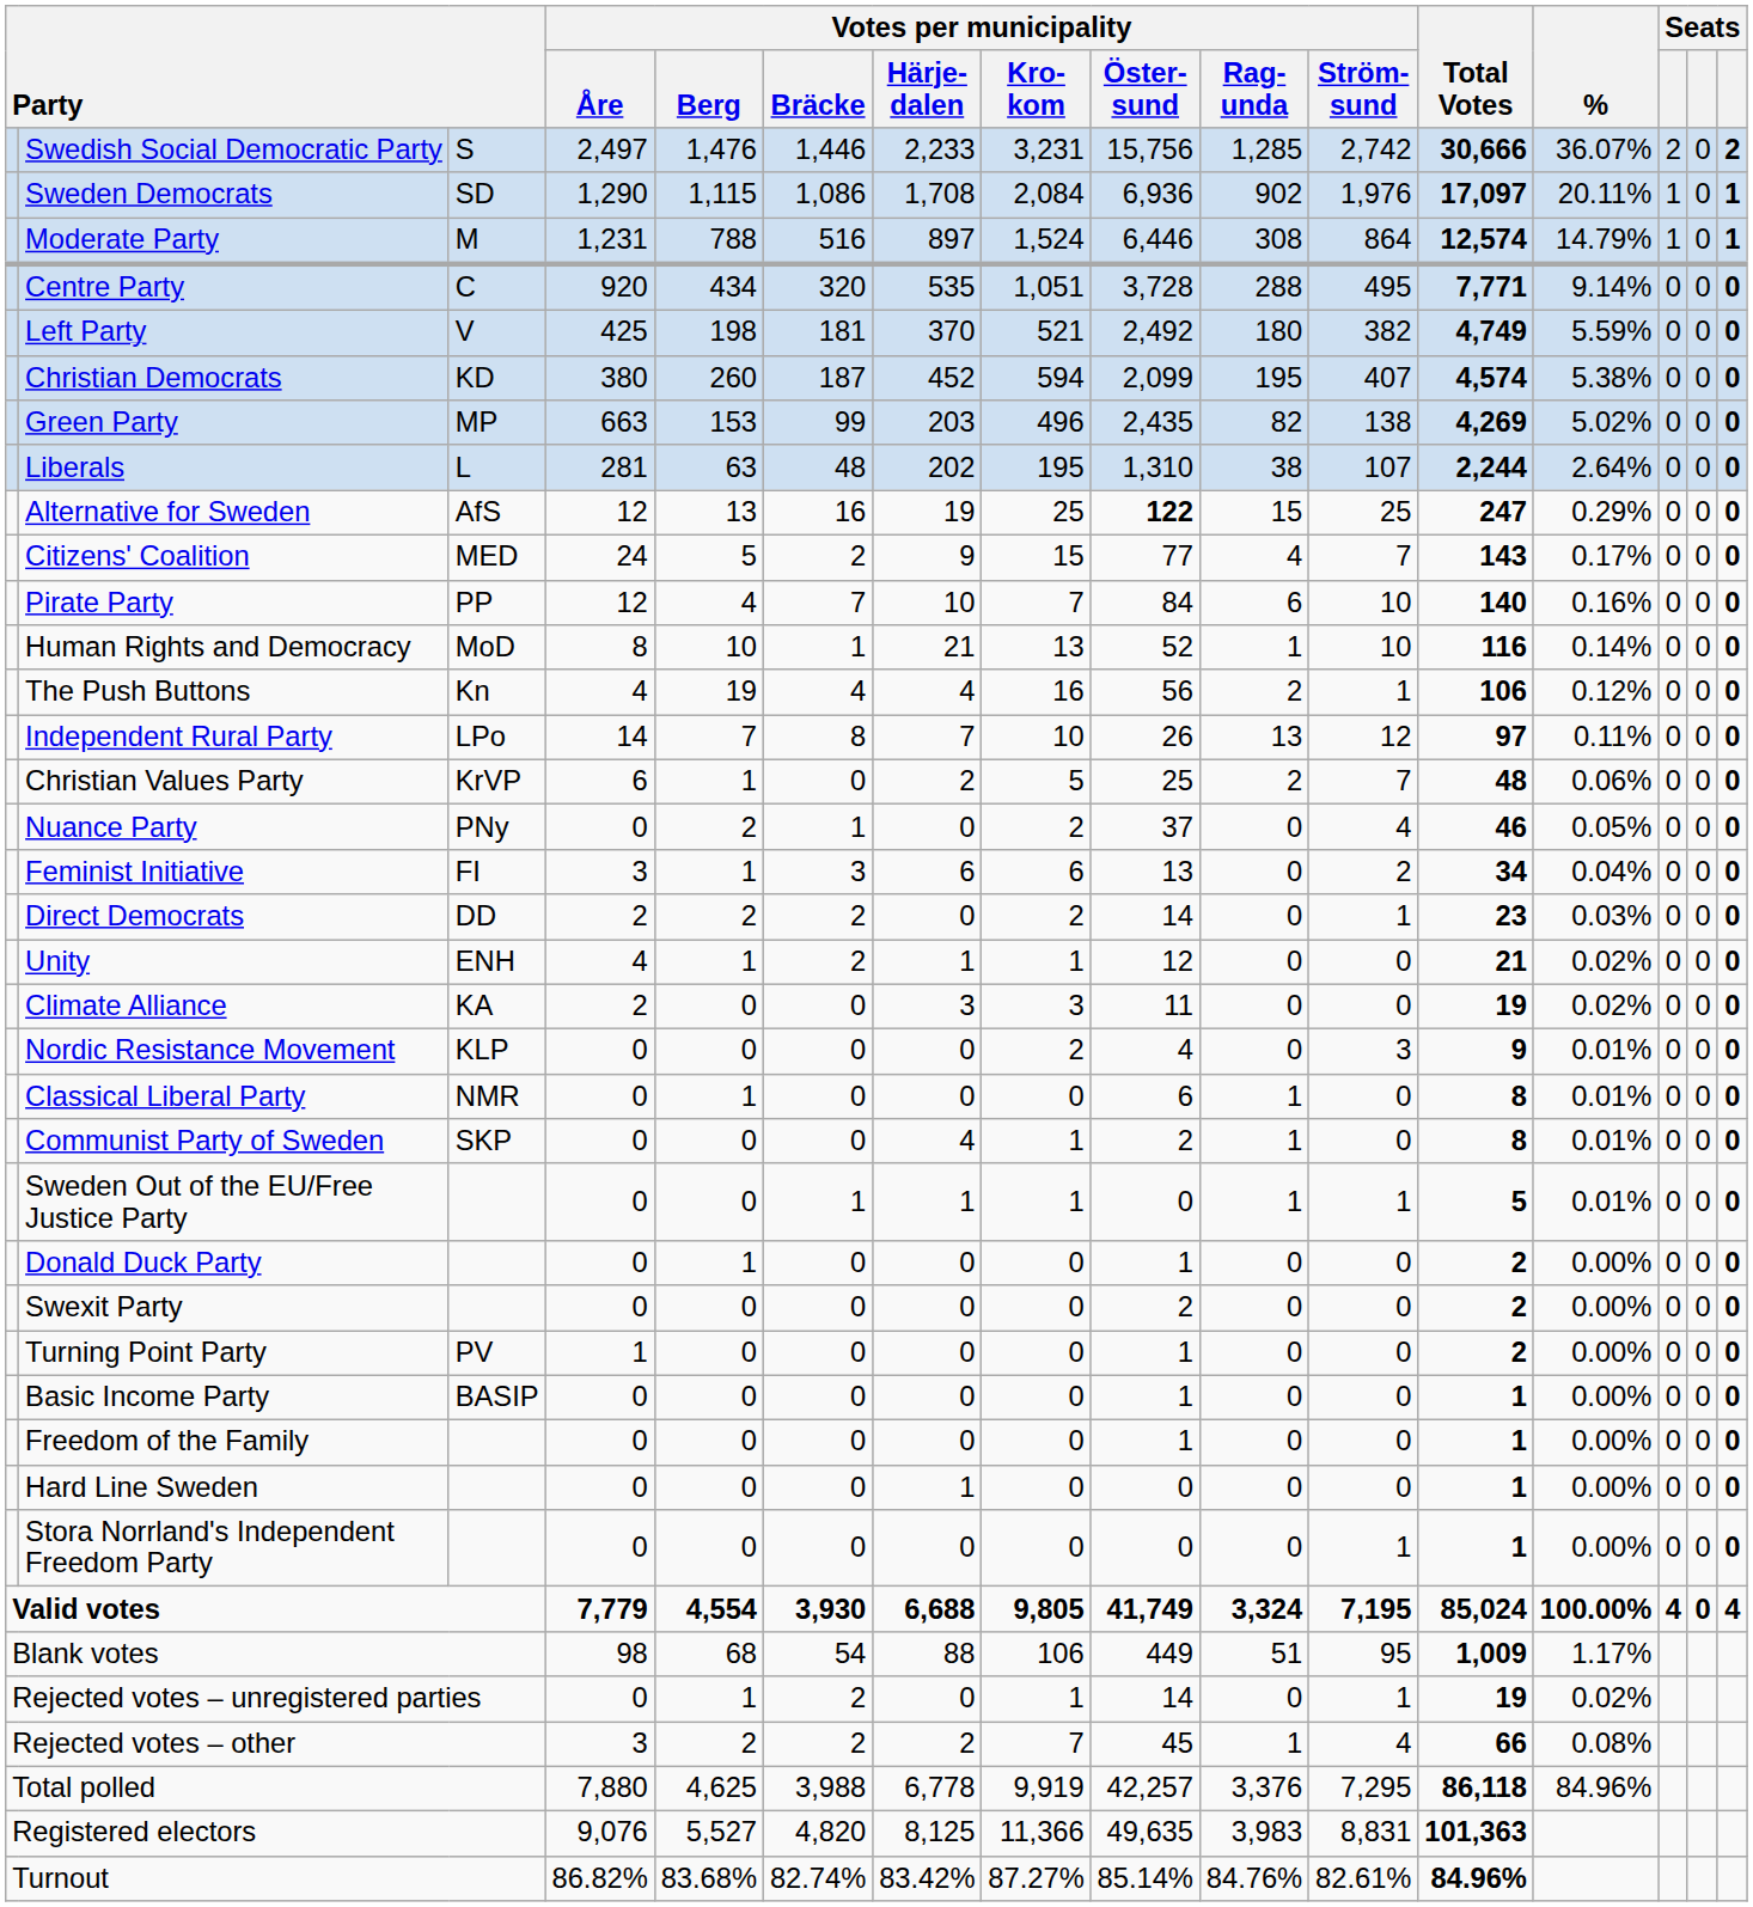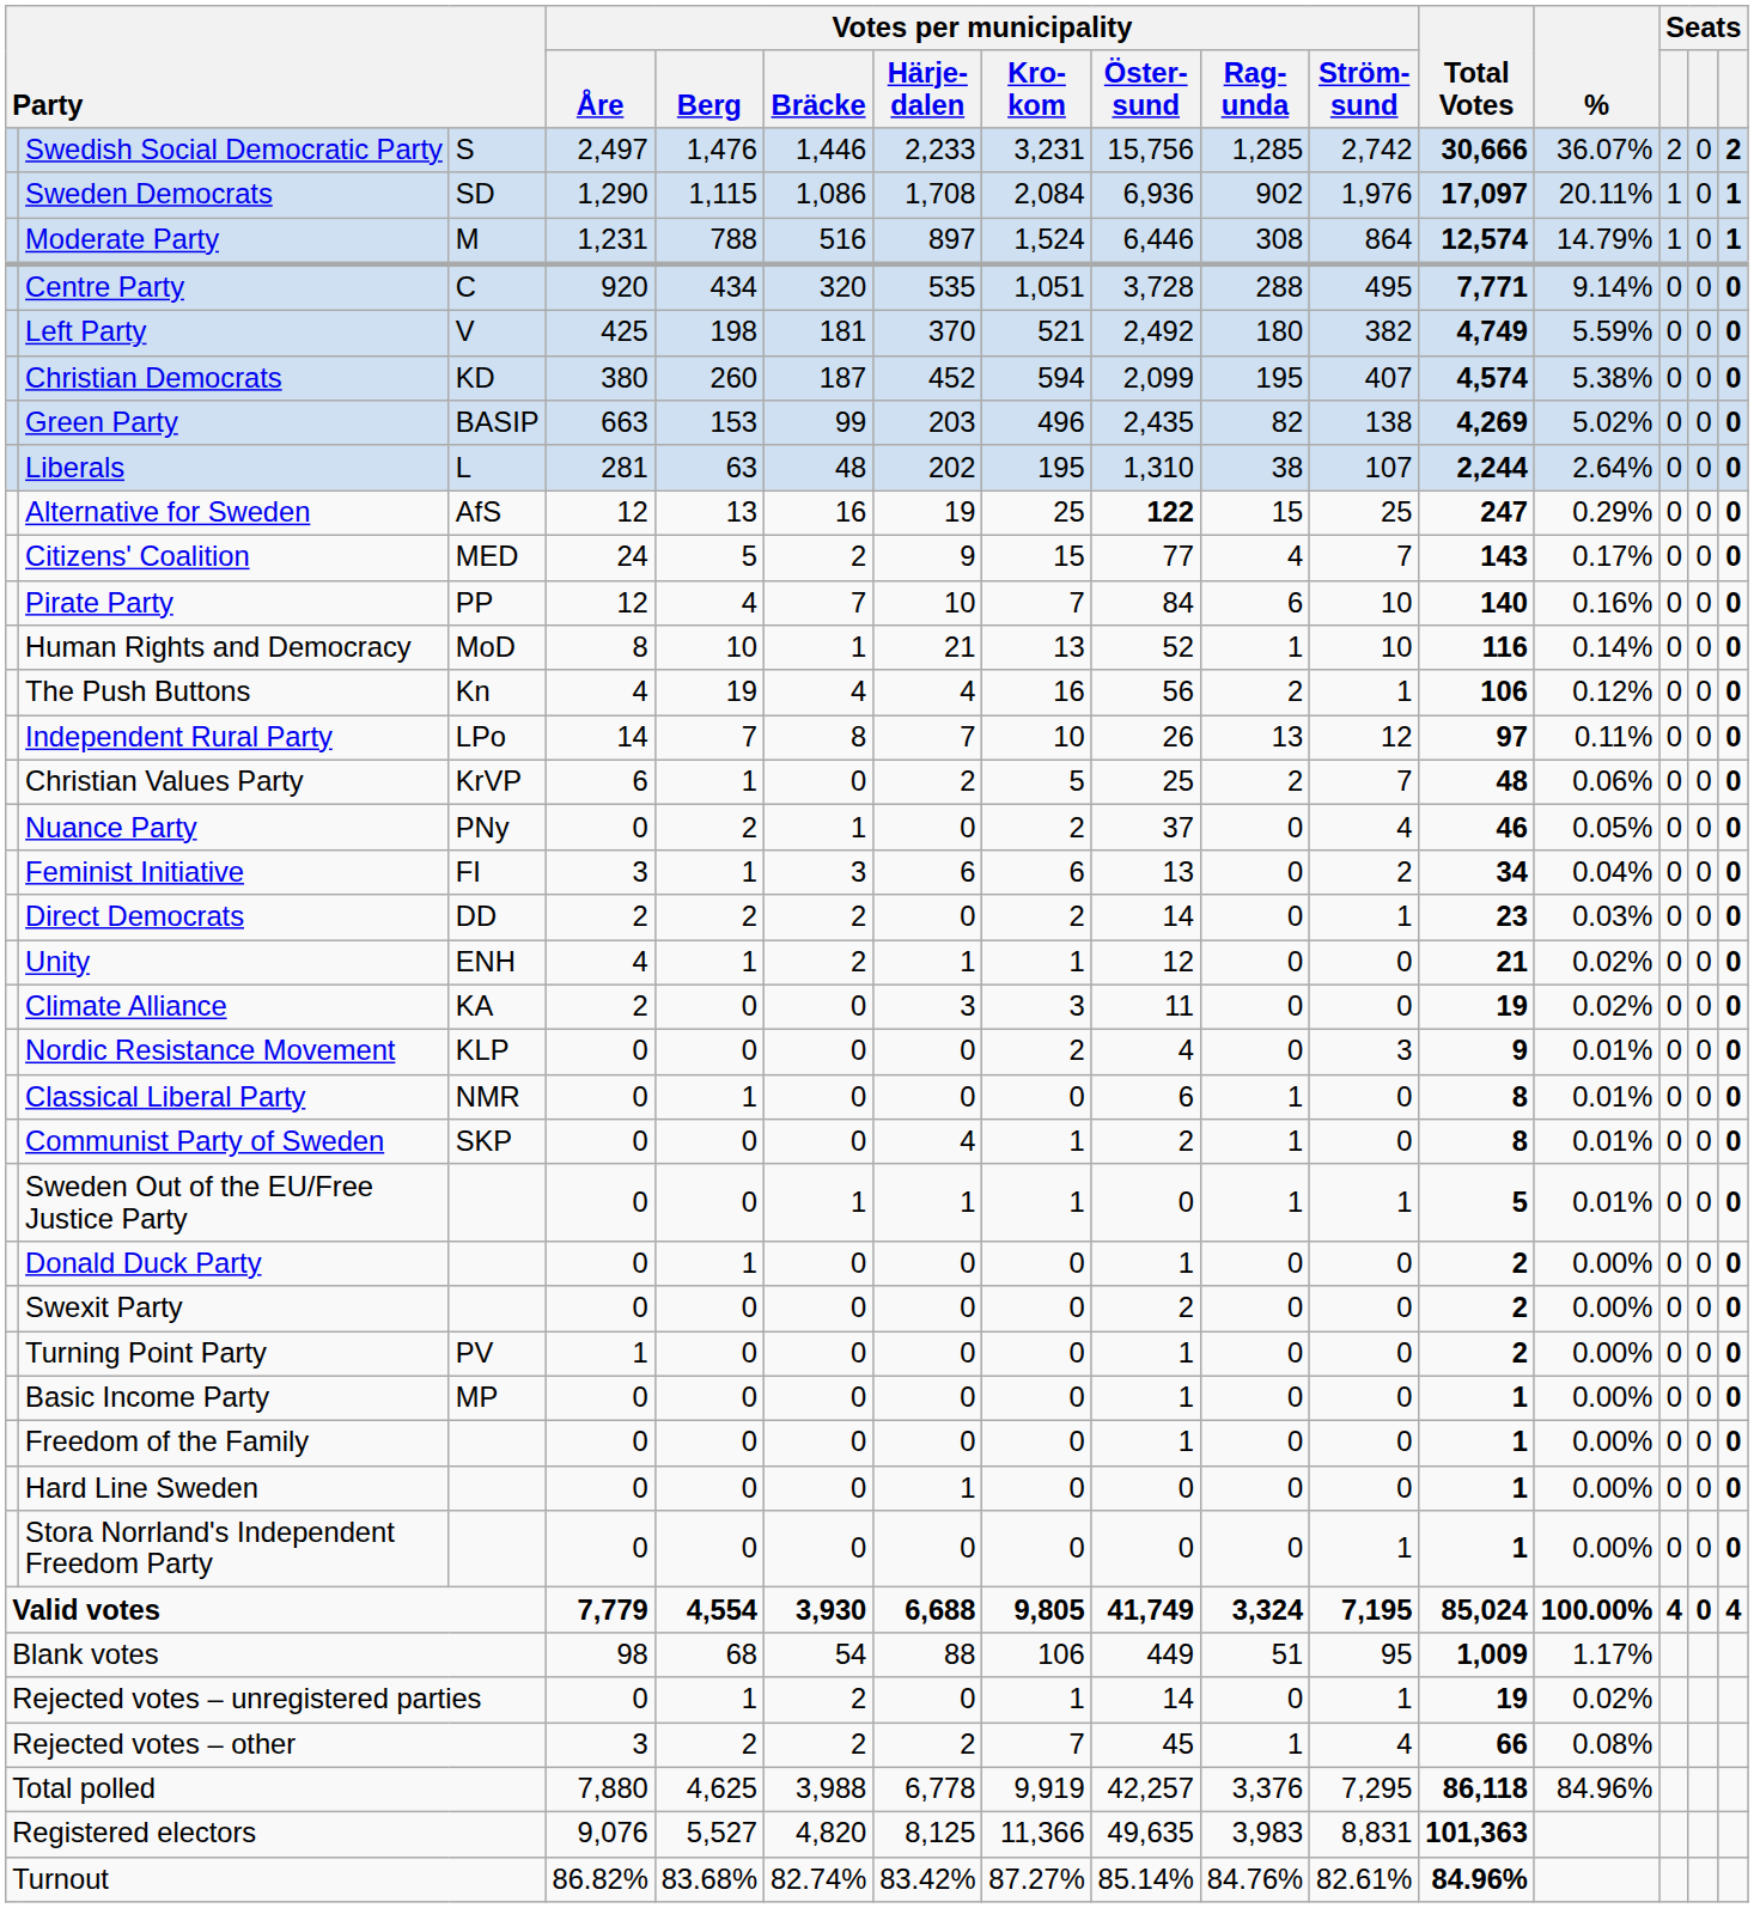 <table class="wikitable" border="1" style="text-align:right;">
 <tr>
 <th style="text-align:left;" valign=bottom rowspan=2 colspan=3>Party</th>
 <th colspan=8>Votes per municipality</th>
 <th align=center valign=bottom rowspan=2 width="50">Total Votes</th>
 <th align=center valign=bottom rowspan=2 width="50">%</th>
 <th colspan=3>Seats</th>
 </tr>
 <tr>
 <th align=center valign=bottom width="50"><a href='#'>Åre</a></th>
 <th align=center valign=bottom width="50"><a href='#'>Berg</a></th>
 <th align=center valign=bottom width="50"><a href='#'>Bräcke</a></th>
 <th align=center valign=bottom width="50"><a href='#'>Härje- dalen</a></th>
 <th align=center valign=bottom width="50"><a href='#'>Kro- kom</a></th>
 <th align=center valign=bottom width="50"><a href='#'>Öster- sund</a></th>
 <th align=center valign=bottom width="50"><a href='#'>Rag- unda</a></th>
 <th align=center valign=bottom width="50"><a href='#'>Ström- sund</a></th>
 <th align=center valign=bottom width="20"><small></small></th>
 <th align=center valign=bottom width="20"><small><a href='#'></a></small></th>
 <th align=center valign=bottom width="20"><small></small></th>
 </tr>
 <tr style="background:#CEE0F2;">
 <td></td>
 <td align=left style="white-space: nowrap;"><a href='#'>Swedish Social Democratic Party</a></td>
 <td align=left>S</td>
 <td>2,497</td>
 <td>1,476</td>
 <td>1,446</td>
 <td>2,233</td>
 <td>3,231</td>
 <td>15,756</td>
 <td>1,285</td>
 <td>2,742</td>
 <td><strong>30,666</strong></td>
 <td>36.07%</td>
 <td>2</td>
 <td>0</td>
 <td><strong>2</strong></td>
 </tr>
 <tr style="background:#CEE0F2;">
 <td></td>
 <td align=left><a href='#'>Sweden Democrats</a></td>
 <td align=left>SD</td>
 <td>1,290</td>
 <td>1,115</td>
 <td>1,086</td>
 <td>1,708</td>
 <td>2,084</td>
 <td>6,936</td>
 <td>902</td>
 <td>1,976</td>
 <td><strong>17,097</strong></td>
 <td>20.11%</td>
 <td>1</td>
 <td>0</td>
 <td><strong>1</strong></td>
 </tr>
 <tr style="background:#CEE0F2;">
 <td></td>
 <td align=left><a href='#'>Moderate Party</a></td>
 <td align=left>M</td>
 <td>1,231</td>
 <td>788</td>
 <td>516</td>
 <td>897</td>
 <td>1,524</td>
 <td>6,446</td>
 <td>308</td>
 <td>864</td>
 <td><strong>12,574</strong></td>
 <td>14.79%</td>
 <td>1</td>
 <td>0</td>
 <td><strong>1</strong></td>
 </tr>
 <tr style="background:#CEE0F2; border-top:3px solid darkgray;">
 <td></td>
 <td align=left><a href='#'>Centre Party</a></td>
 <td align=left>C</td>
 <td>920</td>
 <td>434</td>
 <td>320</td>
 <td>535</td>
 <td>1,051</td>
 <td>3,728</td>
 <td>288</td>
 <td>495</td>
 <td><strong>7,771</strong></td>
 <td>9.14%</td>
 <td>0</td>
 <td>0</td>
 <td><strong>0</strong></td>
 </tr>
 <tr style="background:#CEE0F2;">
 <td></td>
 <td align=left><a href='#'>Left Party</a></td>
 <td align=left>V</td>
 <td>425</td>
 <td>198</td>
 <td>181</td>
 <td>370</td>
 <td>521</td>
 <td>2,492</td>
 <td>180</td>
 <td>382</td>
 <td><strong>4,749</strong></td>
 <td>5.59%</td>
 <td>0</td>
 <td>0</td>
 <td><strong>0</strong></td>
 </tr>
 <tr style="background:#CEE0F2;">
 <td></td>
 <td align=left><a href='#'>Christian Democrats</a></td>
 <td align=left>KD</td>
 <td>380</td>
 <td>260</td>
 <td>187</td>
 <td>452</td>
 <td>594</td>
 <td>2,099</td>
 <td>195</td>
 <td>407</td>
 <td><strong>4,574</strong></td>
 <td>5.38%</td>
 <td>0</td>
 <td>0</td>
 <td><strong>0</strong></td>
 </tr>
 <tr style="background:#CEE0F2;">
 <td></td>
 <td align=left><a href='#'>Green Party</a></td>
-<td align=left>MP</td>
+<td align=left>BASIP</td>
 <td>663</td>
 <td>153</td>
 <td>99</td>
 <td>203</td>
 <td>496</td>
 <td>2,435</td>
 <td>82</td>
 <td>138</td>
 <td><strong>4,269</strong></td>
 <td>5.02%</td>
 <td>0</td>
 <td>0</td>
 <td><strong>0</strong></td>
 </tr>
 <tr style="background:#CEE0F2;">
 <td></td>
 <td align=left><a href='#'>Liberals</a></td>
 <td align=left>L</td>
 <td>281</td>
 <td>63</td>
 <td>48</td>
 <td>202</td>
 <td>195</td>
 <td>1,310</td>
 <td>38</td>
 <td>107</td>
 <td><strong>2,244</strong></td>
 <td>2.64%</td>
 <td>0</td>
 <td>0</td>
 <td><strong>0</strong></td>
 </tr>
 <tr>
 <td></td>
 <td align=left><a href='#'>Alternative for Sweden</a></td>
 <td align=left>AfS</td>
 <td>12</td>
 <td>13</td>
 <td>16</td>
 <td>19</td>
 <td>25</td>
 <td><strong>122</strong></td>
 <td>15</td>
 <td>25</td>
 <td><strong>247</strong></td>
 <td>0.29%</td>
 <td>0</td>
 <td>0</td>
 <td><strong>0</strong></td>
 </tr>
 <tr>
 <td></td>
 <td align=left><a href='#'>Citizens' Coalition</a></td>
 <td align=left>MED</td>
 <td>24</td>
 <td>5</td>
 <td>2</td>
 <td>9</td>
 <td>15</td>
 <td>77</td>
 <td>4</td>
 <td>7</td>
 <td><strong>143</strong></td>
 <td>0.17%</td>
 <td>0</td>
 <td>0</td>
 <td><strong>0</strong></td>
 </tr>
 <tr>
 <td></td>
 <td align=left><a href='#'>Pirate Party</a></td>
 <td align=left>PP</td>
 <td>12</td>
 <td>4</td>
 <td>7</td>
 <td>10</td>
 <td>7</td>
 <td>84</td>
 <td>6</td>
 <td>10</td>
 <td><strong>140</strong></td>
 <td>0.16%</td>
 <td>0</td>
 <td>0</td>
 <td><strong>0</strong></td>
 </tr>
 <tr>
 <td></td>
 <td align=left>Human Rights and Democracy</td>
 <td align=left>MoD</td>
 <td>8</td>
 <td>10</td>
 <td>1</td>
 <td>21</td>
 <td>13</td>
 <td>52</td>
 <td>1</td>
 <td>10</td>
 <td><strong>116</strong></td>
 <td>0.14%</td>
 <td>0</td>
 <td>0</td>
 <td><strong>0</strong></td>
 </tr>
 <tr>
 <td></td>
 <td align=left>The Push Buttons</td>
 <td align=left>Kn</td>
 <td>4</td>
 <td>19</td>
 <td>4</td>
 <td>4</td>
 <td>16</td>
 <td>56</td>
 <td>2</td>
 <td>1</td>
 <td><strong>106</strong></td>
 <td>0.12%</td>
 <td>0</td>
 <td>0</td>
 <td><strong>0</strong></td>
 </tr>
 <tr>
 <td></td>
 <td align=left><a href='#'>Independent Rural Party</a></td>
 <td align=left>LPo</td>
 <td>14</td>
 <td>7</td>
 <td>8</td>
 <td>7</td>
 <td>10</td>
 <td>26</td>
 <td>13</td>
 <td>12</td>
 <td><strong>97</strong></td>
 <td>0.11%</td>
 <td>0</td>
 <td>0</td>
 <td><strong>0</strong></td>
 </tr>
 <tr>
 <td></td>
 <td align=left>Christian Values Party</td>
 <td align=left>KrVP</td>
 <td>6</td>
 <td>1</td>
 <td>0</td>
 <td>2</td>
 <td>5</td>
 <td>25</td>
 <td>2</td>
 <td>7</td>
 <td><strong>48</strong></td>
 <td>0.06%</td>
 <td>0</td>
 <td>0</td>
 <td><strong>0</strong></td>
 </tr>
 <tr>
 <td></td>
 <td align=left><a href='#'>Nuance Party</a></td>
 <td align=left>PNy</td>
 <td>0</td>
 <td>2</td>
 <td>1</td>
 <td>0</td>
 <td>2</td>
 <td>37</td>
 <td>0</td>
 <td>4</td>
 <td><strong>46</strong></td>
 <td>0.05%</td>
 <td>0</td>
 <td>0</td>
 <td><strong>0</strong></td>
 </tr>
 <tr>
 <td></td>
 <td align=left><a href='#'>Feminist Initiative</a></td>
 <td align=left>FI</td>
 <td>3</td>
 <td>1</td>
 <td>3</td>
 <td>6</td>
 <td>6</td>
 <td>13</td>
 <td>0</td>
 <td>2</td>
 <td><strong>34</strong></td>
 <td>0.04%</td>
 <td>0</td>
 <td>0</td>
 <td><strong>0</strong></td>
 </tr>
 <tr>
 <td></td>
 <td align=left><a href='#'>Direct Democrats</a></td>
 <td align=left>DD</td>
 <td>2</td>
 <td>2</td>
 <td>2</td>
 <td>0</td>
 <td>2</td>
 <td>14</td>
 <td>0</td>
 <td>1</td>
 <td><strong>23</strong></td>
 <td>0.03%</td>
 <td>0</td>
 <td>0</td>
 <td><strong>0</strong></td>
 </tr>
 <tr>
 <td></td>
 <td align=left><a href='#'>Unity</a></td>
 <td align=left>ENH</td>
 <td>4</td>
 <td>1</td>
 <td>2</td>
 <td>1</td>
 <td>1</td>
 <td>12</td>
 <td>0</td>
 <td>0</td>
 <td><strong>21</strong></td>
 <td>0.02%</td>
 <td>0</td>
 <td>0</td>
 <td><strong>0</strong></td>
 </tr>
 <tr>
 <td></td>
 <td align=left><a href='#'>Climate Alliance</a></td>
 <td align=left>KA</td>
 <td>2</td>
 <td>0</td>
 <td>0</td>
 <td>3</td>
 <td>3</td>
 <td>11</td>
 <td>0</td>
 <td>0</td>
 <td><strong>19</strong></td>
 <td>0.02%</td>
 <td>0</td>
 <td>0</td>
 <td><strong>0</strong></td>
 </tr>
 <tr>
 <td></td>
 <td align=left><a href='#'>Nordic Resistance Movement</a></td>
 <td align=left>KLP</td>
 <td>0</td>
 <td>0</td>
 <td>0</td>
 <td>0</td>
 <td>2</td>
 <td>4</td>
 <td>0</td>
 <td>3</td>
 <td><strong>9</strong></td>
 <td>0.01%</td>
 <td>0</td>
 <td>0</td>
 <td><strong>0</strong></td>
 </tr>
 <tr>
 <td></td>
 <td align=left><a href='#'>Classical Liberal Party</a></td>
 <td align=left>NMR</td>
 <td>0</td>
 <td>1</td>
 <td>0</td>
 <td>0</td>
 <td>0</td>
 <td>6</td>
 <td>1</td>
 <td>0</td>
 <td><strong>8</strong></td>
 <td>0.01%</td>
 <td>0</td>
 <td>0</td>
 <td><strong>0</strong></td>
 </tr>
 <tr>
 <td></td>
 <td align=left><a href='#'>Communist Party of Sweden</a></td>
 <td align=left>SKP</td>
 <td>0</td>
 <td>0</td>
 <td>0</td>
 <td>4</td>
 <td>1</td>
 <td>2</td>
 <td>1</td>
 <td>0</td>
 <td><strong>8</strong></td>
 <td>0.01%</td>
 <td>0</td>
 <td>0</td>
 <td><strong>0</strong></td>
 </tr>
 <tr>
 <td></td>
 <td align=left>Sweden Out of the EU/Free Justice Party</td>
 <td align=left></td>
 <td>0</td>
 <td>0</td>
 <td>1</td>
 <td>1</td>
 <td>1</td>
 <td>0</td>
 <td>1</td>
 <td>1</td>
 <td><strong>5</strong></td>
 <td>0.01%</td>
 <td>0</td>
 <td>0</td>
 <td><strong>0</strong></td>
 </tr>
 <tr>
 <td></td>
 <td align=left><a href='#'>Donald Duck Party</a></td>
 <td align=left></td>
 <td>0</td>
 <td>1</td>
 <td>0</td>
 <td>0</td>
 <td>0</td>
 <td>1</td>
 <td>0</td>
 <td>0</td>
 <td><strong>2</strong></td>
 <td>0.00%</td>
 <td>0</td>
 <td>0</td>
 <td><strong>0</strong></td>
 </tr>
 <tr>
 <td></td>
 <td align=left>Swexit Party</td>
 <td align=left></td>
 <td>0</td>
 <td>0</td>
 <td>0</td>
 <td>0</td>
 <td>0</td>
 <td>2</td>
 <td>0</td>
 <td>0</td>
 <td><strong>2</strong></td>
 <td>0.00%</td>
 <td>0</td>
 <td>0</td>
 <td><strong>0</strong></td>
 </tr>
 <tr>
 <td></td>
 <td align=left>Turning Point Party</td>
 <td align=left>PV</td>
 <td>1</td>
 <td>0</td>
 <td>0</td>
 <td>0</td>
 <td>0</td>
 <td>1</td>
 <td>0</td>
 <td>0</td>
 <td><strong>2</strong></td>
 <td>0.00%</td>
 <td>0</td>
 <td>0</td>
 <td><strong>0</strong></td>
 </tr>
 <tr>
 <td></td>
 <td align=left>Basic Income Party</td>
-<td align=left>BASIP</td>
+<td align=left>MP</td>
 <td>0</td>
 <td>0</td>
 <td>0</td>
 <td>0</td>
 <td>0</td>
 <td>1</td>
 <td>0</td>
 <td>0</td>
 <td><strong>1</strong></td>
 <td>0.00%</td>
 <td>0</td>
 <td>0</td>
 <td><strong>0</strong></td>
 </tr>
 <tr>
 <td></td>
 <td align=left>Freedom of the Family</td>
 <td align=left></td>
 <td>0</td>
 <td>0</td>
 <td>0</td>
 <td>0</td>
 <td>0</td>
 <td>1</td>
 <td>0</td>
 <td>0</td>
 <td><strong>1</strong></td>
 <td>0.00%</td>
 <td>0</td>
 <td>0</td>
 <td><strong>0</strong></td>
 </tr>
 <tr>
 <td></td>
 <td align=left>Hard Line Sweden</td>
 <td align=left></td>
 <td>0</td>
 <td>0</td>
 <td>0</td>
 <td>1</td>
 <td>0</td>
 <td>0</td>
 <td>0</td>
 <td>0</td>
 <td><strong>1</strong></td>
 <td>0.00%</td>
 <td>0</td>
 <td>0</td>
 <td><strong>0</strong></td>
 </tr>
 <tr>
 <td></td>
 <td align=left>Stora Norrland's Independent Freedom Party</td>
 <td align=left></td>
 <td>0</td>
 <td>0</td>
 <td>0</td>
 <td>0</td>
 <td>0</td>
 <td>0</td>
 <td>0</td>
 <td>1</td>
 <td><strong>1</strong></td>
 <td>0.00%</td>
 <td>0</td>
 <td>0</td>
 <td><strong>0</strong></td>
 </tr>
 <tr style="font-weight:bold">
 <td align=left colspan=3>Valid votes</td>
 <td>7,779</td>
 <td>4,554</td>
 <td>3,930</td>
 <td>6,688</td>
 <td>9,805</td>
 <td>41,749</td>
 <td>3,324</td>
 <td>7,195</td>
 <td>85,024</td>
 <td>100.00%</td>
 <td>4</td>
 <td>0</td>
 <td>4</td>
 </tr>
 <tr>
 <td align=left colspan=3>Blank votes</td>
 <td>98</td>
 <td>68</td>
 <td>54</td>
 <td>88</td>
 <td>106</td>
 <td>449</td>
 <td>51</td>
 <td>95</td>
 <td><strong>1,009</strong></td>
 <td>1.17%</td>
 <td></td>
 <td></td>
 <td></td>
 </tr>
 <tr>
 <td align=left colspan=3>Rejected votes – unregistered parties</td>
 <td>0</td>
 <td>1</td>
 <td>2</td>
 <td>0</td>
 <td>1</td>
 <td>14</td>
 <td>0</td>
 <td>1</td>
 <td><strong>19</strong></td>
 <td>0.02%</td>
 <td></td>
 <td></td>
 <td></td>
 </tr>
 <tr>
 <td align=left colspan=3>Rejected votes – other</td>
 <td>3</td>
 <td>2</td>
 <td>2</td>
 <td>2</td>
 <td>7</td>
 <td>45</td>
 <td>1</td>
 <td>4</td>
 <td><strong>66</strong></td>
 <td>0.08%</td>
 <td></td>
 <td></td>
 <td></td>
 </tr>
 <tr>
 <td align=left colspan=3>Total polled</td>
 <td>7,880</td>
 <td>4,625</td>
 <td>3,988</td>
 <td>6,778</td>
 <td>9,919</td>
 <td>42,257</td>
 <td>3,376</td>
 <td>7,295</td>
 <td><strong>86,118</strong></td>
 <td>84.96%</td>
 <td></td>
 <td></td>
 <td></td>
 </tr>
 <tr>
 <td align=left colspan=3>Registered electors</td>
 <td>9,076</td>
 <td>5,527</td>
 <td>4,820</td>
 <td>8,125</td>
 <td>11,366</td>
 <td>49,635</td>
 <td>3,983</td>
 <td>8,831</td>
 <td><strong>101,363</strong></td>
 <td></td>
 <td></td>
 <td></td>
 <td></td>
 </tr>
 <tr>
 <td align=left colspan=3>Turnout</td>
 <td>86.82%</td>
 <td>83.68%</td>
 <td>82.74%</td>
 <td>83.42%</td>
 <td>87.27%</td>
 <td>85.14%</td>
 <td>84.76%</td>
 <td>82.61%</td>
 <td><strong>84.96%</strong></td>
 <td></td>
 <td></td>
 <td></td>
 <td></td>
 </tr>
 </table>
